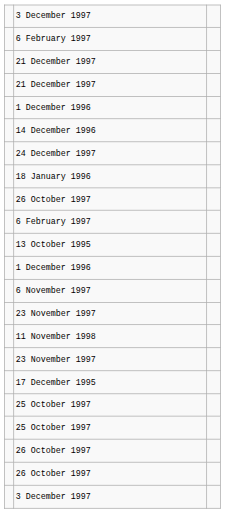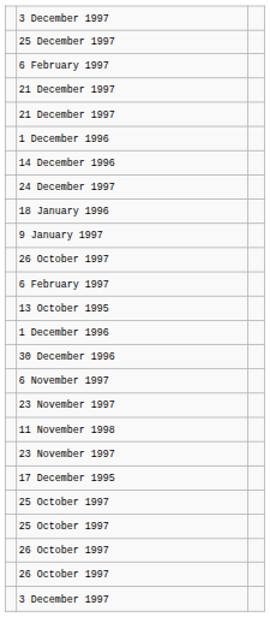 <table class="wikitable" style="font-size: 89%; float: left; width: 26em; margin-right: 1em; height: 700px;">
 <tr>
 <td></td>
 <td>3 December 1997</td>
+<td></td>
+</tr>
+<tr>
+<td></td>
+<td>25 December 1997</td>
 <td></td>
 </tr>
 <tr>
 <td></td>
 <td>6 February 1997</td>
 <td></td>
 </tr>
 <tr>
 <td></td>
 <td>21 December 1997</td>
 <td></td>
 </tr>
 <tr>
 <td></td>
 <td>21 December 1997</td>
 <td></td>
 </tr>
 <tr>
 <td></td>
 <td>1 December 1996</td>
 <td></td>
 </tr>
 <tr>
 <td></td>
 <td>14 December 1996</td>
 <td></td>
 </tr>
 <tr>
 <td></td>
 <td>24 December 1997</td>
 <td></td>
 </tr>
 <tr>
 <td></td>
 <td>18 January 1996</td>
 <td> </td>
 </tr>
 <tr>
 <td></td>
+<td>9 January 1997</td>
+<td></td>
+</tr>
+<tr>
+<td></td>
 <td>26 October 1997</td>
 <td></td>
 </tr>
 <tr>
 <td></td>
 <td>6 February 1997</td>
 <td></td>
 </tr>
 <tr>
 <td></td>
 <td>13 October 1995</td>
 <td> </td>
 </tr>
 <tr>
 <td></td>
 <td>1 December 1996</td>
+<td></td>
+</tr>
+<tr>
+<td></td>
+<td>30 December 1996</td>
 <td></td>
 </tr>
 <tr>
 <td></td>
 <td>6 November 1997</td>
 <td></td>
 </tr>
 <tr>
 <td></td>
 <td>23 November 1997</td>
 <td></td>
 </tr>
 <tr>
 <td></td>
 <td>11 November 1998</td>
 <td></td>
 </tr>
 <tr>
 <td></td>
 <td>23 November 1997</td>
 <td></td>
 </tr>
 <tr>
 <td></td>
 <td>17 December 1995</td>
 <td> </td>
 </tr>
 <tr>
 <td></td>
 <td>25 October 1997</td>
 <td></td>
 </tr>
 <tr>
 <td></td>
 <td>25 October 1997</td>
 <td></td>
 </tr>
 <tr>
 <td></td>
 <td>26 October 1997</td>
 <td></td>
 </tr>
 <tr>
 <td></td>
 <td>26 October 1997</td>
 <td></td>
 </tr>
 <tr>
 <td></td>
 <td>3 December 1997</td>
 <td></td>
 </tr>
 </table>
